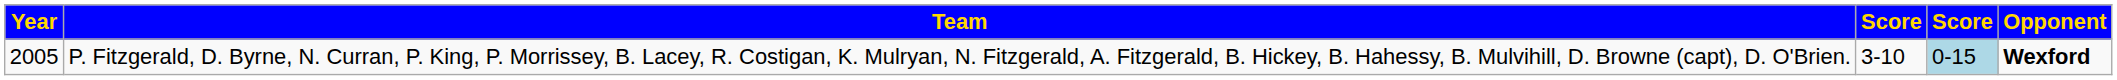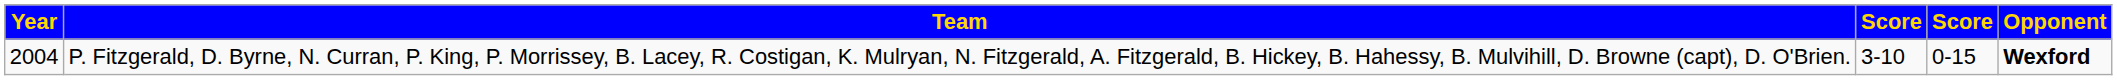 <table class="wikitable">
 <tr style="text-align:center;background:blue;color:gold;">
 <td><strong>Year</strong></td>
 <td><strong>Team</strong></td>
 <td><strong>Score</strong></td>
 <td><strong>Score</strong></td>
 <td><strong>Opponent</strong></td>
 </tr>
 <tr>
-<td>2005</td>
+<td>2004</td>
 <td>P. Fitzgerald, D. Byrne, N. Curran, P. King, P. Morrissey, B. Lacey, R. Costigan, K. Mulryan, N. Fitzgerald, A. Fitzgerald, B. Hickey, B. Hahessy, B. Mulvihill, D. Browne (capt), D. O'Brien.</td>
 <td>3-10</td>
-<td style="background: lightblue;">0-15</td>
+<td>0-15</td>
 <td><strong>Wexford</strong></td>
 </tr>
 </table>
